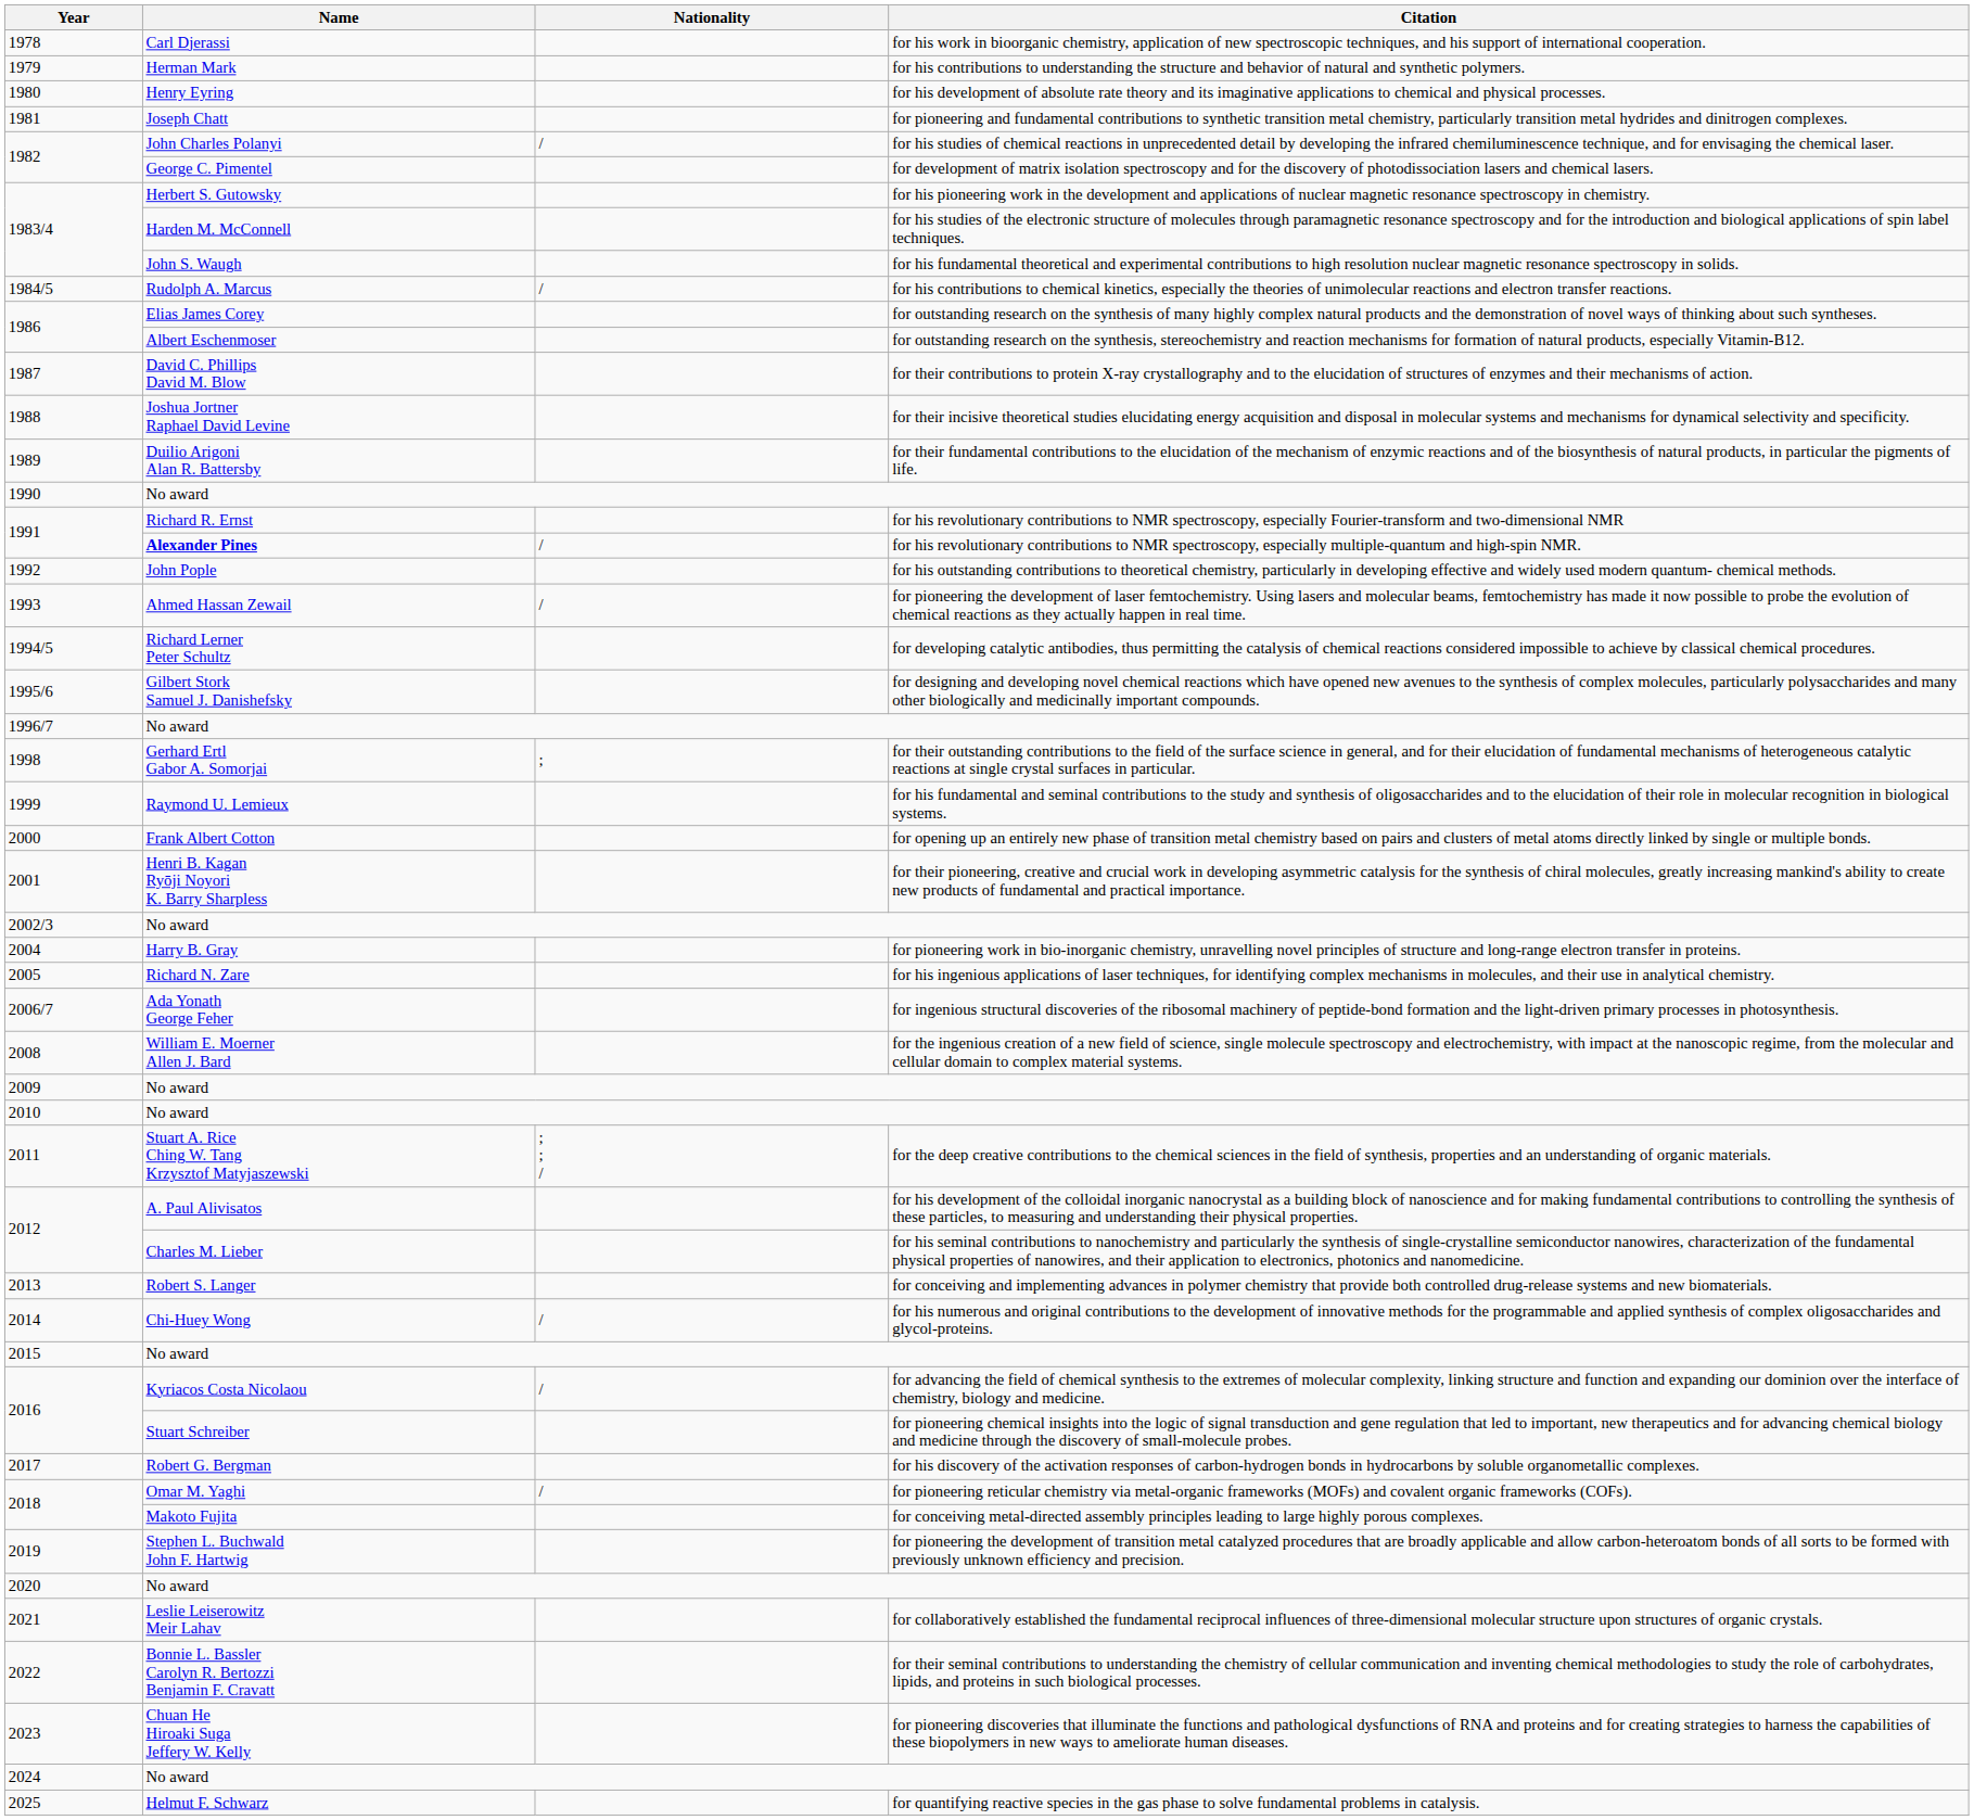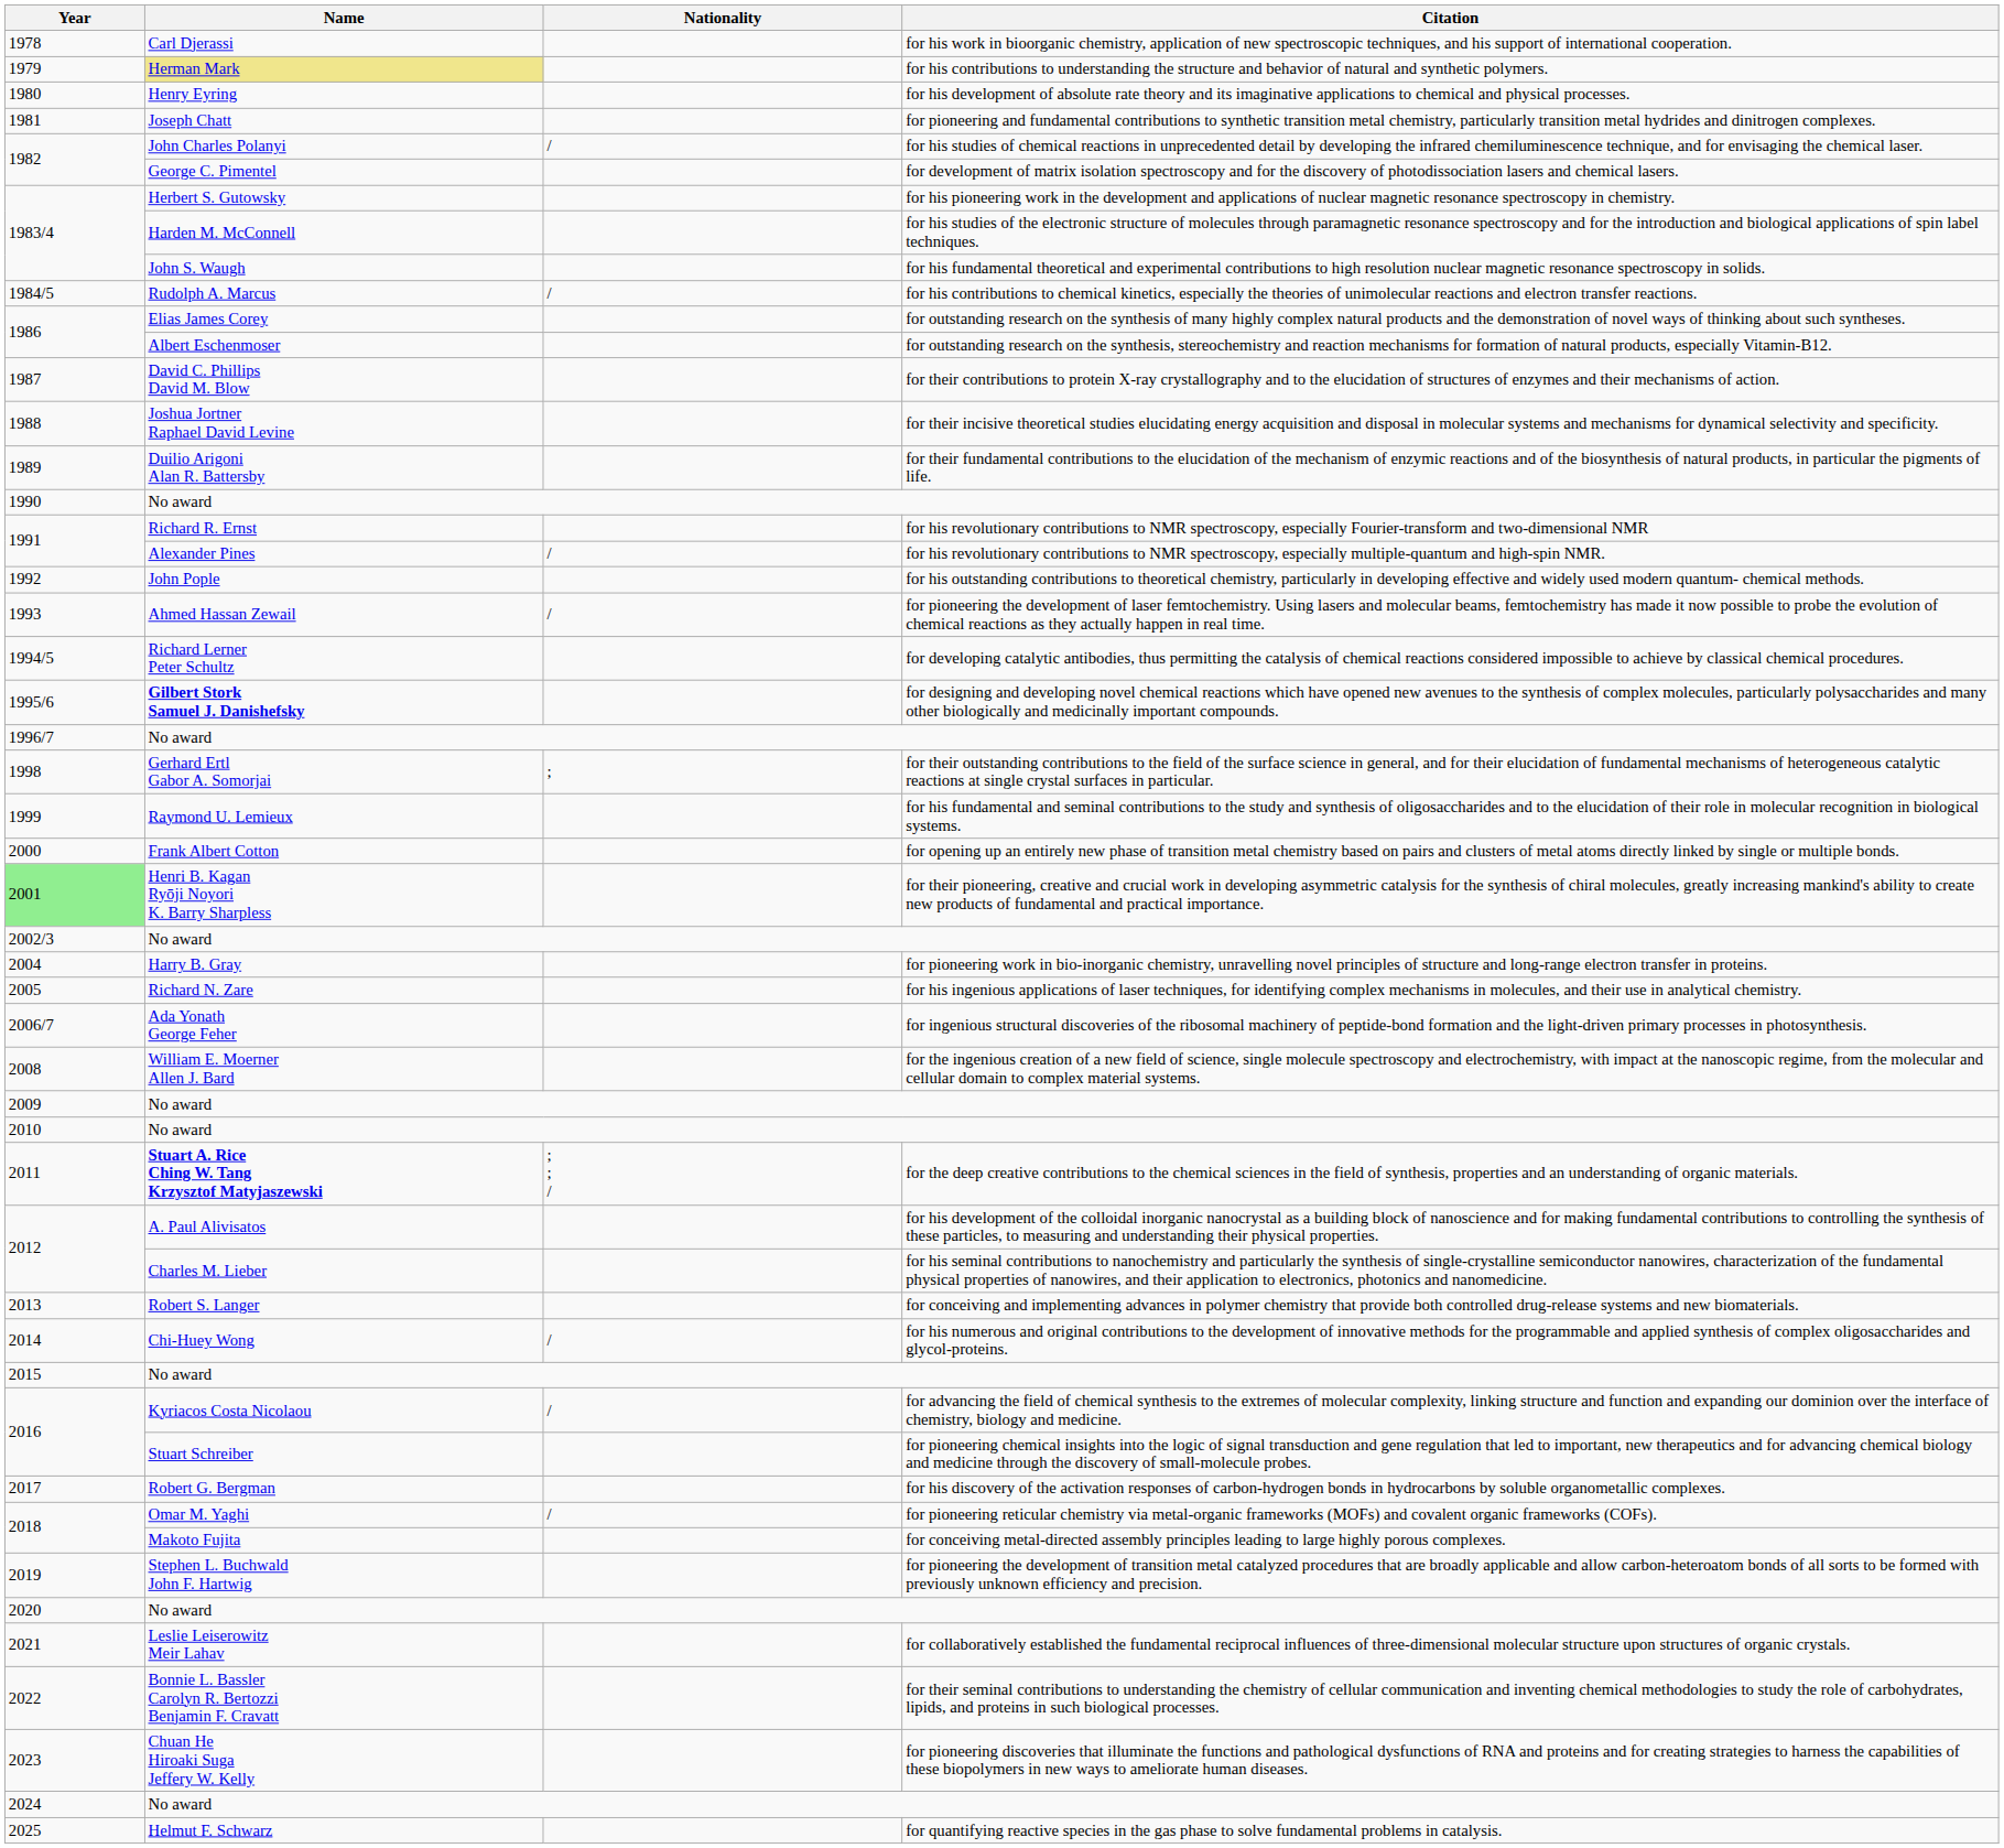 <table class="wikitable">
 <tr bgcolor="#ccccc">
 <th style="width:7%">Year</th>
 <th style="width:20%">Name</th>
 <th style="width:18%">Nationality</th>
 <th>Citation</th>
 </tr>
 <tr>
 <td>1978</td>
 <td><a href='#'>Carl Djerassi</a></td>
 <td></td>
 <td>for his work in bioorganic chemistry, application of new spectroscopic techniques, and his support of international cooperation.</td>
 </tr>
 <tr>
 <td>1979</td>
-<td><a href='#'>Herman Mark</a></td>
+<td style="background: khaki;"><a href='#'>Herman Mark</a></td>
 <td></td>
 <td>for his contributions to understanding the structure and behavior of natural and synthetic polymers.</td>
 </tr>
 <tr>
 <td>1980</td>
 <td><a href='#'>Henry Eyring</a></td>
 <td></td>
 <td>for his development of absolute rate theory and its imaginative applications to chemical and physical processes.</td>
 </tr>
 <tr>
 <td>1981</td>
 <td><a href='#'>Joseph Chatt</a></td>
 <td></td>
 <td>for pioneering and fundamental contributions to synthetic transition metal chemistry, particularly transition metal hydrides and dinitrogen complexes.</td>
 </tr>
 <tr>
 <td rowspan=2>1982</td>
 <td><a href='#'>John Charles Polanyi</a></td>
 <td> / </td>
 <td>for his studies of chemical reactions in unprecedented detail by developing the infrared chemiluminescence technique, and for envisaging the chemical laser.</td>
 </tr>
 <tr>
 <td><a href='#'>George C. Pimentel</a></td>
 <td></td>
 <td>for development of matrix isolation spectroscopy and for the discovery of photodissociation lasers and chemical lasers.</td>
 </tr>
 <tr>
 <td rowspan=3>1983/4</td>
 <td><a href='#'>Herbert S. Gutowsky</a></td>
 <td></td>
 <td>for his pioneering work in the development and applications of nuclear magnetic resonance spectroscopy in chemistry.</td>
 </tr>
 <tr>
 <td><a href='#'>Harden M. McConnell</a></td>
 <td></td>
 <td>for his studies of the electronic structure of molecules through paramagnetic resonance spectroscopy and for the introduction and biological applications of spin label techniques.</td>
 </tr>
 <tr>
 <td><a href='#'>John S. Waugh</a></td>
 <td></td>
 <td>for his fundamental theoretical and experimental contributions to high resolution nuclear magnetic resonance spectroscopy in solids.</td>
 </tr>
 <tr>
 <td>1984/5</td>
 <td><a href='#'>Rudolph A. Marcus</a></td>
 <td> / </td>
 <td>for his contributions to chemical kinetics, especially the theories of unimolecular reactions and electron transfer reactions.</td>
 </tr>
 <tr>
 <td rowspan=2>1986</td>
 <td><a href='#'>Elias James Corey</a></td>
 <td></td>
 <td>for outstanding research on the synthesis of many highly complex natural products and the demonstration of novel ways of thinking about such syntheses.</td>
 </tr>
 <tr>
 <td><a href='#'>Albert Eschenmoser</a></td>
 <td></td>
 <td>for outstanding research on the synthesis, stereochemistry and reaction mechanisms for formation of natural products, especially Vitamin-B12.</td>
 </tr>
 <tr>
 <td>1987</td>
 <td><a href='#'>David C. Phillips</a> <br> <a href='#'>David M. Blow</a></td>
 <td> <br> </td>
 <td>for their contributions to protein X-ray crystallography and to the elucidation of structures of enzymes and their mechanisms of action.</td>
 </tr>
 <tr>
 <td>1988</td>
 <td><a href='#'>Joshua Jortner</a> <br> <a href='#'>Raphael David Levine</a></td>
 <td> <br> </td>
 <td>for their incisive theoretical studies elucidating energy acquisition and disposal in molecular systems and mechanisms for dynamical selectivity and specificity.</td>
 </tr>
 <tr>
 <td>1989</td>
 <td><a href='#'>Duilio Arigoni</a> <br> <a href='#'>Alan R. Battersby</a></td>
 <td> <br> </td>
 <td>for their fundamental contributions to the elucidation of the mechanism of enzymic reactions and of the biosynthesis of natural products, in particular the pigments of life.</td>
 </tr>
 <tr>
 <td>1990</td>
 <td colspan=3 align="left">No award</td>
 </tr>
 <tr>
 <td rowspan=2>1991</td>
 <td><a href='#'>Richard R. Ernst</a></td>
 <td></td>
 <td>for his revolutionary contributions to NMR spectroscopy, especially Fourier-transform and two-dimensional NMR</td>
 </tr>
 <tr>
-<td><strong><a href='#'>Alexander Pines</a></strong></td>
+<td><a href='#'>Alexander Pines</a></td>
 <td> / </td>
 <td>for his revolutionary contributions to NMR spectroscopy, especially multiple-quantum and high-spin NMR.</td>
 </tr>
 <tr>
 <td>1992</td>
 <td><a href='#'>John Pople</a></td>
 <td></td>
 <td>for his outstanding contributions to theoretical chemistry, particularly in developing effective and widely used modern quantum- chemical methods.</td>
 </tr>
 <tr>
 <td>1993</td>
 <td><a href='#'>Ahmed Hassan Zewail</a></td>
 <td> / </td>
 <td>for pioneering the development of laser femtochemistry. Using lasers and molecular beams, femtochemistry has made it now possible to probe the evolution of chemical reactions as they actually happen in real time.</td>
 </tr>
 <tr>
 <td>1994/5</td>
 <td><a href='#'>Richard Lerner</a> <br> <a href='#'>Peter Schultz</a></td>
 <td> <br> </td>
 <td>for developing catalytic antibodies, thus permitting the catalysis of chemical reactions considered impossible to achieve by classical chemical procedures.</td>
 </tr>
 <tr>
 <td>1995/6</td>
-<td><a href='#'>Gilbert Stork</a> <br> <a href='#'>Samuel J. Danishefsky</a></td>
+<td><strong><a href='#'>Gilbert Stork</a> <br> <a href='#'>Samuel J. Danishefsky</a></strong></td>
 <td> <br> </td>
 <td>for designing and developing novel chemical reactions which have opened new avenues to the synthesis of complex molecules, particularly polysaccharides and many other biologically and medicinally important compounds.</td>
 </tr>
 <tr>
 <td>1996/7</td>
 <td colspan=3 align="left">No award</td>
 </tr>
 <tr>
 <td>1998</td>
 <td><a href='#'>Gerhard Ertl</a> <br> <a href='#'>Gabor A. Somorjai</a></td>
 <td>; <br>  </td>
 <td>for their outstanding contributions to the field of the surface science in general, and for their elucidation of fundamental mechanisms of heterogeneous catalytic reactions at single crystal surfaces in particular.</td>
 </tr>
 <tr>
 <td>1999</td>
 <td><a href='#'>Raymond U. Lemieux</a></td>
 <td></td>
 <td>for his fundamental and seminal contributions to the study and synthesis of oligosaccharides and to the elucidation of their role in molecular recognition in biological systems.</td>
 </tr>
 <tr>
 <td>2000</td>
 <td><a href='#'>Frank Albert Cotton</a></td>
 <td></td>
 <td>for opening up an entirely new phase of transition metal chemistry based on pairs and clusters of metal atoms directly linked by single or multiple bonds.</td>
 </tr>
 <tr>
-<td>2001</td>
+<td style="background: lightgreen;">2001</td>
 <td><a href='#'>Henri B. Kagan</a> <br> <a href='#'>Ryōji Noyori</a> <br> <a href='#'>K. Barry Sharpless</a></td>
 <td> <br>  <br> </td>
 <td>for their pioneering, creative and crucial work in developing asymmetric catalysis for the synthesis of chiral molecules, greatly increasing mankind's ability to create new products of fundamental and practical importance.</td>
 </tr>
 <tr>
 <td>2002/3</td>
 <td colspan=3 align="left">No award</td>
 </tr>
 <tr>
 <td>2004</td>
 <td><a href='#'>Harry B. Gray</a></td>
 <td></td>
 <td>for pioneering work in bio-inorganic chemistry, unravelling novel principles of structure and long-range electron transfer in proteins.</td>
 </tr>
 <tr>
 <td>2005</td>
 <td><a href='#'>Richard N. Zare</a></td>
 <td></td>
 <td>for his ingenious applications of laser techniques, for identifying complex mechanisms in molecules, and their use in analytical chemistry.</td>
 </tr>
 <tr>
 <td>2006/7</td>
 <td><a href='#'>Ada Yonath</a> <br> <a href='#'>George Feher</a></td>
 <td> <br>  </td>
 <td>for ingenious structural discoveries of the ribosomal machinery of peptide-bond formation and the light-driven primary processes in photosynthesis.</td>
 </tr>
 <tr>
 <td>2008</td>
 <td><a href='#'>William E. Moerner</a> <br> <a href='#'>Allen J. Bard</a></td>
 <td> <br> </td>
 <td>for the ingenious creation of a new field of science, single molecule spectroscopy and electrochemistry, with impact at the nanoscopic regime, from the molecular and cellular domain to complex material systems.</td>
 </tr>
 <tr>
 <td>2009</td>
 <td colspan=3 align="left">No award</td>
 </tr>
 <tr>
 <td>2010</td>
 <td colspan=3 align="left">No award</td>
 </tr>
 <tr>
 <td>2011</td>
-<td><a href='#'>Stuart A. Rice</a> <br> <a href='#'>Ching W. Tang</a> <br> <a href='#'>Krzysztof Matyjaszewski</a></td>
+<td><strong><a href='#'>Stuart A. Rice</a> <br> <a href='#'>Ching W. Tang</a> <br> <a href='#'>Krzysztof Matyjaszewski</a></strong></td>
 <td>; <br> ; <br>  / </td>
 <td>for the deep creative contributions to the chemical sciences in the field of synthesis, properties and an understanding of organic materials.</td>
 </tr>
 <tr>
 <td rowspan=2>2012</td>
 <td><a href='#'>A. Paul Alivisatos</a></td>
 <td></td>
 <td>for his development of the colloidal inorganic nanocrystal as a building block of nanoscience and for making fundamental contributions to controlling the synthesis of these particles, to measuring and understanding their physical properties.</td>
 </tr>
 <tr>
 <td><a href='#'>Charles M. Lieber</a></td>
 <td></td>
 <td>for his seminal contributions to nanochemistry and particularly the synthesis of single-crystalline semiconductor nanowires, characterization of the fundamental physical properties of nanowires, and their application to electronics, photonics and nanomedicine.</td>
 </tr>
 <tr>
 <td>2013</td>
 <td><a href='#'>Robert S. Langer</a></td>
 <td></td>
 <td>for conceiving and implementing advances in polymer chemistry that provide both controlled drug-release systems and new biomaterials.</td>
 </tr>
 <tr>
 <td>2014</td>
 <td><a href='#'>Chi-Huey Wong</a></td>
 <td> / </td>
 <td>for his numerous and original contributions to the development of innovative methods for the programmable and applied synthesis of complex oligosaccharides and glycol-proteins.</td>
 </tr>
 <tr>
 <td>2015</td>
 <td colspan=3 align="left">No award</td>
 </tr>
 <tr>
 <td rowspan=2>2016</td>
 <td><a href='#'>Kyriacos Costa Nicolaou</a></td>
 <td> / </td>
 <td>for advancing the field of chemical synthesis to the extremes of molecular complexity, linking structure and function and expanding our dominion over the interface of chemistry, biology and medicine.</td>
 </tr>
 <tr>
 <td><a href='#'>Stuart Schreiber</a></td>
 <td></td>
 <td>for pioneering chemical insights into the logic of signal transduction and gene regulation that led to important, new therapeutics and for advancing chemical biology and medicine through the discovery of small-molecule probes.</td>
 </tr>
 <tr>
 <td>2017</td>
 <td><a href='#'>Robert G. Bergman</a></td>
 <td></td>
 <td>for his discovery of the activation responses of carbon-hydrogen bonds in hydrocarbons by soluble organometallic complexes.</td>
 </tr>
 <tr>
 <td rowspan=2>2018</td>
 <td><a href='#'>Omar M. Yaghi</a></td>
 <td> / </td>
 <td>for pioneering reticular chemistry via metal-organic frameworks (MOFs) and covalent organic frameworks (COFs).</td>
 </tr>
 <tr>
 <td><a href='#'>Makoto Fujita</a></td>
 <td></td>
 <td>for conceiving metal-directed assembly principles leading to large highly porous complexes.</td>
 </tr>
 <tr>
 <td>2019</td>
 <td><a href='#'>Stephen L. Buchwald</a> <br> <a href='#'>John F. Hartwig</a></td>
 <td> <br> </td>
 <td>for pioneering the development of transition metal catalyzed procedures that are broadly applicable and allow carbon-heteroatom bonds of all sorts to be formed with previously unknown efficiency and precision.</td>
 </tr>
 <tr>
 <td>2020</td>
 <td colspan=3 align="left">No award</td>
 </tr>
 <tr>
 <td>2021</td>
 <td><a href='#'>Leslie Leiserowitz</a> <br> <a href='#'>Meir Lahav</a></td>
 <td> <br> </td>
 <td>for collaboratively established the fundamental reciprocal influences of three-dimensional molecular structure upon structures of organic crystals.</td>
 </tr>
 <tr>
 <td>2022</td>
 <td><a href='#'>Bonnie L. Bassler</a> <br> <a href='#'>Carolyn R. Bertozzi</a> <br> <a href='#'>Benjamin F. Cravatt</a></td>
 <td> <br>  <br> </td>
 <td>for their seminal contributions to understanding the chemistry of cellular communication and inventing chemical methodologies to study the role of carbohydrates, lipids, and proteins in such biological processes.</td>
 </tr>
 <tr>
 <td>2023</td>
 <td><a href='#'>Chuan He</a> <br> <a href='#'>Hiroaki Suga</a> <br> <a href='#'>Jeffery W. Kelly</a></td>
 <td> <br>  <br> </td>
 <td>for pioneering discoveries that illuminate the functions and pathological dysfunctions of RNA and proteins and for creating strategies to harness the capabilities of these biopolymers in new ways to ameliorate human diseases.</td>
 </tr>
 <tr>
 <td>2024</td>
 <td colspan=3 align="left">No award</td>
 </tr>
 <tr>
 <td>2025</td>
 <td><a href='#'>Helmut F. Schwarz</a></td>
 <td></td>
 <td>for quantifying reactive species in the gas phase to solve fundamental problems in catalysis.</td>
 </tr>
 </table>
